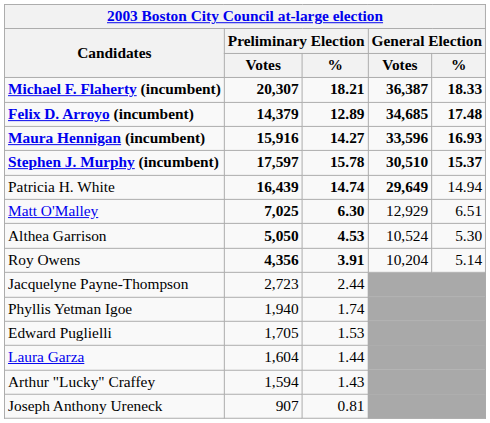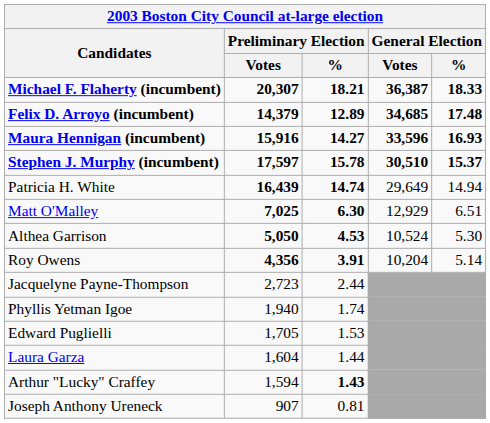 <table class=wikitable>
 <tr>
 <th colspan=5><a href='#'>2003 Boston City Council at-large election</a></th>
 </tr>
 <tr>
 <th rowspan="2"><strong>Candidates</strong></th>
 <th colspan=2><strong>Preliminary Election</strong></th>
 <th colspan=2><strong>General Election</strong></th>
 </tr>
 <tr>
 <th>Votes</th>
 <th>%</th>
 <th>Votes</th>
 <th>%</th>
 </tr>
 <tr>
 <td><strong><a href='#'>Michael F. Flaherty</a> (incumbent)</strong></td>
 <td style="text-align:right;"><strong>20,307</strong></td>
 <td style="text-align:right;"><strong>18.21</strong></td>
 <td style="text-align:right;"><strong>36,387</strong></td>
 <td style="text-align:right;"><strong>18.33</strong></td>
 </tr>
 <tr>
 <td><strong><a href='#'>Felix D. Arroyo</a> (incumbent)</strong></td>
 <td style="text-align:right;"><strong>14,379</strong></td>
 <td style="text-align:right;"><strong>12.89</strong></td>
 <td style="text-align:right;"><strong>34,685</strong></td>
 <td style="text-align:right;"><strong>17.48</strong></td>
 </tr>
 <tr>
 <td><strong><a href='#'>Maura Hennigan</a> (incumbent)</strong></td>
 <td style="text-align:right;"><strong>15,916</strong></td>
 <td style="text-align:right;"><strong>14.27</strong></td>
 <td style="text-align:right;"><strong>33,596</strong></td>
 <td style="text-align:right;"><strong>16.93</strong></td>
 </tr>
 <tr>
 <td><strong><a href='#'>Stephen J. Murphy</a> (incumbent)</strong></td>
 <td style="text-align:right;"><strong>17,597</strong></td>
 <td style="text-align:right;"><strong>15.78</strong></td>
 <td style="text-align:right;"><strong>30,510</strong></td>
 <td style="text-align:right;"><strong>15.37</strong></td>
 </tr>
 <tr>
 <td>Patricia H. White</td>
 <td style="text-align:right;"><strong>16,439</strong></td>
 <td style="text-align:right;"><strong>14.74</strong></td>
-<td style="text-align:right;"><strong>29,649</strong></td>
+<td style="text-align:right;">29,649</td>
 <td style="text-align:right;">14.94</td>
 </tr>
 <tr>
 <td><a href='#'>Matt O'Malley</a></td>
 <td style="text-align:right;"><strong>7,025</strong></td>
 <td style="text-align:right;"><strong>6.30</strong></td>
 <td style="text-align:right;">12,929</td>
 <td style="text-align:right;">6.51</td>
 </tr>
 <tr>
 <td>Althea Garrison</td>
 <td style="text-align:right;"><strong>5,050</strong></td>
 <td style="text-align:right;"><strong>4.53</strong></td>
 <td style="text-align:right;">10,524</td>
 <td style="text-align:right;">5.30</td>
 </tr>
 <tr>
 <td>Roy Owens</td>
 <td style="text-align:right;"><strong>4,356</strong></td>
 <td style="text-align:right;"><strong>3.91</strong></td>
 <td style="text-align:right;">10,204</td>
 <td style="text-align:right;">5.14</td>
 </tr>
 <tr>
 <td>Jacquelyne Payne-Thompson</td>
 <td style="text-align:right;">2,723</td>
 <td style="text-align:right;">2.44</td>
 <td colspan="4" style="background:darkgrey;"> </td>
 </tr>
 <tr>
 <td>Phyllis Yetman Igoe</td>
 <td style="text-align:right;">1,940</td>
 <td style="text-align:right;">1.74</td>
 <td colspan="4" style="background:darkgrey;"> </td>
 </tr>
 <tr>
 <td>Edward Puglielli</td>
 <td style="text-align:right;">1,705</td>
 <td style="text-align:right;">1.53</td>
 <td colspan="4" style="background:darkgrey;"> </td>
 </tr>
 <tr>
 <td><a href='#'>Laura Garza</a></td>
 <td style="text-align:right;">1,604</td>
 <td style="text-align:right;">1.44</td>
 <td colspan="4" style="background:darkgrey;"> </td>
 </tr>
 <tr>
 <td>Arthur "Lucky" Craffey</td>
 <td style="text-align:right;">1,594</td>
-<td style="text-align:right;">1.43</td>
+<td style="text-align:right;"><strong>1.43</strong></td>
 <td colspan="4" style="background:darkgrey;"> </td>
 </tr>
 <tr>
 <td>Joseph Anthony Ureneck</td>
 <td style="text-align:right;">907</td>
 <td style="text-align:right;">0.81</td>
 <td colspan="4" style="background:darkgrey;"> </td>
 </tr>
 </table>
